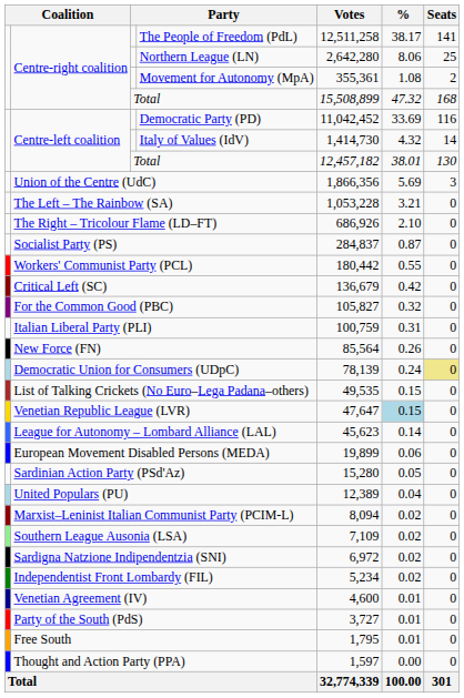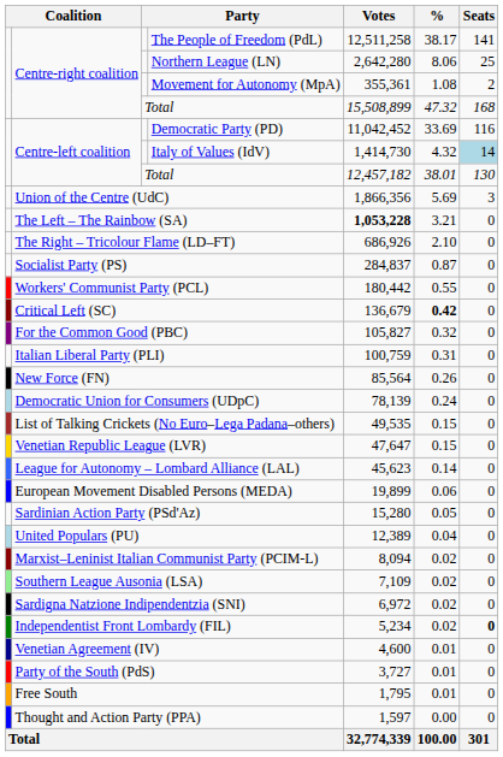 <table class="wikitable" style="text-align:right">
 <tr>
 <th colspan=2>Coalition</th>
 <th colspan=2>Party</th>
 <th>Votes</th>
 <th>%</th>
 <th>Seats</th>
 </tr>
 <tr>
 <td rowspan="4" style="background:"></td>
 <td style="text-align:left;" rowspan="4"><a href='#'>Centre-right coalition</a></td>
 <td></td>
 <td align=left><a href='#'>The People of Freedom</a> (PdL)</td>
 <td>12,511,258</td>
 <td>38.17</td>
 <td>141</td>
 </tr>
 <tr>
 <td></td>
 <td align=left><a href='#'>Northern League</a> (LN)</td>
 <td>2,642,280</td>
 <td>8.06</td>
 <td>25</td>
 </tr>
 <tr>
 <td style="background:"></td>
 <td align=left><a href='#'>Movement for Autonomy</a> (MpA)</td>
 <td>355,361</td>
 <td>1.08</td>
 <td>2</td>
 </tr>
 <tr>
 <td colspan=2 align=left><em>Total</em></td>
 <td><em>15,508,899</em></td>
 <td><em>47.32</em></td>
 <td><em>168</em></td>
 </tr>
 <tr>
 <td rowspan="3"></td>
 <td style="text-align:left;" rowspan="3"><a href='#'>Centre-left coalition</a></td>
 <td></td>
 <td align=left><a href='#'>Democratic Party</a> (PD)</td>
 <td>11,042,452</td>
 <td>33.69</td>
 <td>116</td>
 </tr>
 <tr>
 <td></td>
 <td align=left><a href='#'>Italy of Values</a> (IdV)</td>
 <td>1,414,730</td>
 <td>4.32</td>
-<td>14</td>
+<td style="background: lightblue;">14</td>
 </tr>
 <tr>
 <td colspan=2 align=left><em>Total</em></td>
 <td><em>12,457,182</em></td>
 <td><em>38.01</em></td>
 <td><em>130</em></td>
 </tr>
 <tr>
 <td></td>
 <td style="text-align:left;" colspan="3"><a href='#'>Union of the Centre</a> (UdC)</td>
 <td>1,866,356</td>
 <td>5.69</td>
 <td>3</td>
 </tr>
 <tr>
 <td style="background:"></td>
 <td style="text-align:left;" colspan="3"><a href='#'>The Left – The Rainbow</a> (SA)</td>
-<td>1,053,228</td>
+<td><strong>1,053,228</strong></td>
 <td>3.21</td>
 <td>0</td>
 </tr>
 <tr>
 <td style="background:"></td>
 <td style="text-align:left;" colspan="3"><a href='#'>The Right – Tricolour Flame</a> (LD–FT)</td>
 <td>686,926</td>
 <td>2.10</td>
 <td>0</td>
 </tr>
 <tr>
 <td></td>
 <td style="text-align:left;" colspan="3"><a href='#'>Socialist Party</a> (PS)</td>
 <td>284,837</td>
 <td>0.87</td>
 <td>0</td>
 </tr>
 <tr>
 <td style="background:red;"></td>
 <td style="text-align:left;" colspan="3"><a href='#'>Workers' Communist Party</a> (PCL)</td>
 <td>180,442</td>
 <td>0.55</td>
 <td>0</td>
 </tr>
 <tr>
 <td style="background:#880000;"></td>
 <td style="text-align:left;" colspan="3"><a href='#'>Critical Left</a> (SC)</td>
 <td>136,679</td>
-<td>0.42</td>
+<td><strong>0.42</strong></td>
 <td>0</td>
 </tr>
 <tr>
 <td style="background:purple;"></td>
 <td style="text-align:left;" colspan="3"><a href='#'>For the Common Good</a> (PBC)</td>
 <td>105,827</td>
 <td>0.32</td>
 <td>0</td>
 </tr>
 <tr>
 <td style="background:"></td>
 <td style="text-align:left;" colspan="3"><a href='#'>Italian Liberal Party</a> (PLI)</td>
 <td>100,759</td>
 <td>0.31</td>
 <td>0</td>
 </tr>
 <tr>
 <td style="background:black;"></td>
 <td style="text-align:left;" colspan="3"><a href='#'>New Force</a> (FN)</td>
 <td>85,564</td>
 <td>0.26</td>
 <td>0</td>
 </tr>
 <tr>
 <td style="background:lightblue;"></td>
 <td style="text-align:left;" colspan="3"><a href='#'>Democratic Union for Consumers</a> (UDpC)</td>
 <td>78,139</td>
 <td>0.24</td>
-<td style="background: khaki;">0</td>
+<td>0</td>
 </tr>
 <tr>
 <td style="background:brown;"></td>
 <td style="text-align:left;" colspan="3">List of Talking Crickets (<a href='#'>No Euro</a>–<a href='#'>Lega Padana</a>–others)</td>
 <td>49,535</td>
 <td>0.15</td>
 <td>0</td>
 </tr>
 <tr>
 <td style="background:gold;"></td>
 <td style="text-align:left;" colspan="3"><a href='#'>Venetian Republic League</a> (LVR)</td>
 <td>47,647</td>
-<td style="background: lightblue;">0.15</td>
+<td>0.15</td>
 <td>0</td>
 </tr>
 <tr>
 <td style="background:#36f;"></td>
 <td style="text-align:left;" colspan="3"><a href='#'>League for Autonomy – Lombard Alliance</a> (LAL)</td>
 <td>45,623</td>
 <td>0.14</td>
 <td>0</td>
 </tr>
 <tr>
 <td style="background:blue;"></td>
 <td style="text-align:left;" colspan="3">European Movement Disabled Persons (MEDA)</td>
 <td>19,899</td>
 <td>0.06</td>
 <td>0</td>
 </tr>
 <tr>
 <td style="background:"></td>
 <td style="text-align:left;" colspan="3"><a href='#'>Sardinian Action Party</a> (PSd'Az)</td>
 <td>15,280</td>
 <td>0.05</td>
 <td>0</td>
 </tr>
 <tr>
 <td style="background:lightblue;"></td>
 <td style="text-align:left;" colspan="3"><a href='#'>United Populars</a> (PU)</td>
 <td>12,389</td>
 <td>0.04</td>
 <td>0</td>
 </tr>
 <tr>
 <td style="background:darkred;"></td>
 <td style="text-align:left;" colspan="3"><a href='#'>Marxist–Leninist Italian Communist Party</a> (PCIM-L)</td>
 <td>8,094</td>
 <td>0.02</td>
 <td>0</td>
 </tr>
 <tr>
 <td style="background:lightgreen;"></td>
 <td style="text-align:left;" colspan="3"><a href='#'>Southern League Ausonia</a> (LSA)</td>
 <td>7,109</td>
 <td>0.02</td>
 <td>0</td>
 </tr>
 <tr>
 <td style="background:black;"></td>
 <td style="text-align:left;" colspan="3"><a href='#'>Sardigna Natzione Indipendentzia</a> (SNI)</td>
 <td>6,972</td>
 <td>0.02</td>
 <td>0</td>
 </tr>
 <tr>
 <td style="background:green;"></td>
 <td style="text-align:left;" colspan="3"><a href='#'>Independentist Front Lombardy</a> (FIL)</td>
 <td>5,234</td>
 <td>0.02</td>
-<td>0</td>
+<td><strong>0</strong></td>
 </tr>
 <tr>
 <td style="background:darkblue;"></td>
 <td style="text-align:left;" colspan="3"><a href='#'>Venetian Agreement</a> (IV)</td>
 <td>4,600</td>
 <td>0.01</td>
 <td>0</td>
 </tr>
 <tr>
 <td style="background:red;"></td>
 <td style="text-align:left;" colspan="3"><a href='#'>Party of the South</a> (PdS)</td>
 <td>3,727</td>
 <td>0.01</td>
 <td>0</td>
 </tr>
 <tr>
 <td style="background:orange;"></td>
 <td style="text-align:left;" colspan="3">Free South</td>
 <td>1,795</td>
 <td>0.01</td>
 <td>0</td>
 </tr>
 <tr>
 <td style="background:blue;"></td>
 <td style="text-align:left;" colspan="3">Thought and Action Party (PPA)</td>
 <td>1,597</td>
 <td>0.00</td>
 <td>0</td>
 </tr>
 <tr>
 <th style="text-align:left;" colspan="4"><strong>Total</strong></th>
 <th><strong>32,774,339</strong></th>
 <th><strong>100.00</strong></th>
 <th><strong>301</strong></th>
 </tr>
 </table>
